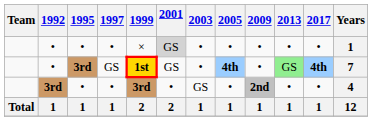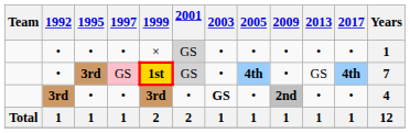 <table class="wikitable" style="text-align: center">
 <tr>
 <th>Team</th>
 <th><a href='#'>1992</a><br> </th>
 <th><a href='#'>1995</a><br> </th>
 <th><a href='#'>1997</a><br> </th>
 <th><a href='#'>1999</a><br> </th>
 <th><a href='#'>2001</a><br> <br></th>
 <th><a href='#'>2003</a><br> </th>
 <th><a href='#'>2005</a><br> </th>
 <th><a href='#'>2009</a><br> </th>
 <th><a href='#'>2013</a><br> </th>
 <th><a href='#'>2017</a><br> </th>
 <th>Years</th>
 </tr>
 <tr>
 <td align=left></td>
 <td>•</td>
 <td>•</td>
 <td>•</td>
 <td>×</td>
 <td style="background: lightgrey;">GS</td>
 <td>•</td>
 <td>•</td>
 <td>•</td>
 <td>•</td>
 <td>•</td>
 <th>1</th>
 </tr>
 <tr>
 <td align=left></td>
 <td>•</td>
 <td bgcolor="#cc9966"><strong>3rd</strong></td>
-<td>GS</td>
+<td style="background: pink;">GS</td>
 <td style="border:3px solid red" bgcolor="gold"><strong>1st</strong></td>
-<td>GS</td>
+<td style="background: lightgrey;">GS</td>
 <td>•</td>
 <td bgcolor="#9acdff"><strong>4th</strong></td>
 <td>•</td>
-<td style="background: lightgreen;">GS</td>
+<td>GS</td>
 <td bgcolor="#9acdff"><strong>4th</strong></td>
 <th>7</th>
 </tr>
 <tr>
 <td align=left></td>
 <td bgcolor="#cc9966"><strong>3rd</strong></td>
 <td>•</td>
 <td>•</td>
 <td bgcolor="#cc9966"><strong>3rd</strong></td>
 <td>•</td>
-<td>GS</td>
+<td><strong>GS</strong></td>
 <td>•</td>
 <td bgcolor="silver"><strong>2nd</strong></td>
 <td>•</td>
 <td>•</td>
 <th>4</th>
 </tr>
 <tr>
 <th>Total</th>
 <th>1</th>
 <th>1</th>
 <th>1</th>
 <th>2</th>
 <th>2</th>
 <th>1</th>
 <th>1</th>
 <th>1</th>
 <th>1</th>
 <th>1</th>
 <th>12</th>
 </tr>
 <tr>
 </tr>
 </table>
